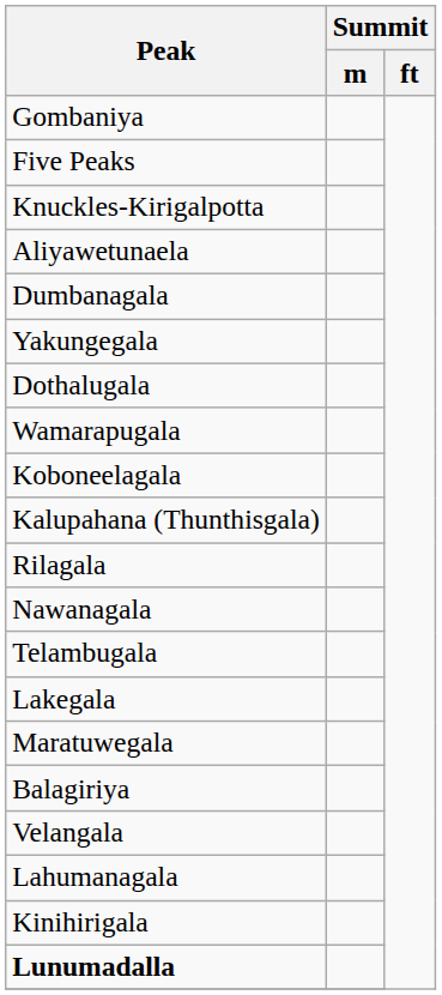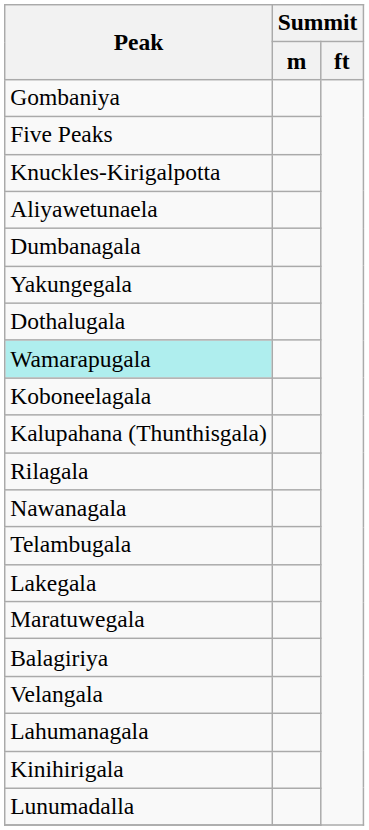 <table class="wikitable plainrowheaders sortable" style="font-size:100%; text-align:left;">
 <tr>
 <th rowspan=2>Peak</th>
 <th colspan=2>Summit</th>
 </tr>
 <tr>
 <th>m</th>
 <th>ft</th>
 </tr>
 <tr>
 <td>Gombaniya</td>
 <td></td>
 </tr>
 <tr>
 <td>Five Peaks</td>
 <td></td>
 </tr>
 <tr>
 <td>Knuckles-Kirigalpotta</td>
 <td></td>
 </tr>
 <tr>
 <td>Aliyawetunaela</td>
 <td></td>
 </tr>
 <tr>
 <td>Dumbanagala</td>
 <td></td>
 </tr>
 <tr>
 <td>Yakungegala</td>
 <td></td>
 </tr>
 <tr>
 <td>Dothalugala</td>
 <td></td>
 </tr>
 <tr>
-<td>Wamarapugala</td>
+<td style="background: paleturquoise;">Wamarapugala</td>
 <td></td>
 </tr>
 <tr>
 <td>Koboneelagala</td>
 <td></td>
 </tr>
 <tr>
 <td>Kalupahana (Thunthisgala)</td>
 <td></td>
 </tr>
 <tr>
 <td>Rilagala</td>
 <td></td>
 </tr>
 <tr>
 <td>Nawanagala</td>
 <td></td>
 </tr>
 <tr>
 <td>Telambugala</td>
 <td></td>
 </tr>
 <tr>
 <td>Lakegala</td>
 <td></td>
 </tr>
 <tr>
 <td>Maratuwegala</td>
 <td></td>
 </tr>
 <tr>
 <td>Balagiriya</td>
 <td></td>
 </tr>
 <tr>
 <td>Velangala</td>
 <td></td>
 </tr>
 <tr>
 <td>Lahumanagala</td>
 <td></td>
 </tr>
 <tr>
 <td>Kinihirigala</td>
 <td></td>
 </tr>
 <tr>
-<td><strong>Lunumadalla</strong></td>
+<td>Lunumadalla</td>
 <td></td>
 </tr>
 <tr>
 </tr>
 </table>
